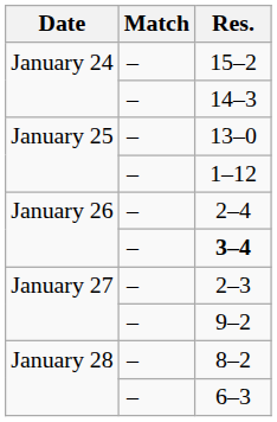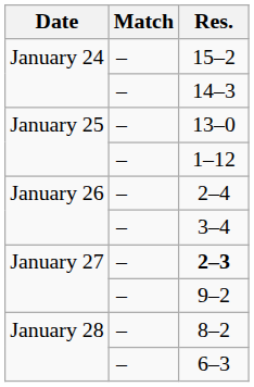 <table class="wikitable" style="text-align:center;">
 <tr>
 <th>Date</th>
 <th>Match</th>
 <th style="width:45px;">Res.</th>
 </tr>
 <tr>
 <td rowspan="2" style="vertical-align:top;">January 24</td>
 <td style="padding-left:5px; text-align:left;"><strong></strong> – </td>
 <td>15–2</td>
 </tr>
 <tr>
 <td style="padding-left:5px; text-align:left;"><strong></strong> – </td>
 <td>14–3</td>
 </tr>
 <tr>
 <td rowspan="2" style="vertical-align:top;">January 25</td>
 <td style="padding-left:5px; text-align:left;"><strong></strong> – </td>
 <td>13–0</td>
 </tr>
 <tr>
 <td style="padding-left:5px; text-align:left;"> – <strong></strong></td>
 <td>1–12</td>
 </tr>
 <tr>
 <td rowspan="2" style="vertical-align:top;">January 26</td>
 <td style="padding-left:5px; text-align:left;"> – <strong></strong></td>
 <td>2–4</td>
 </tr>
 <tr>
 <td style="padding-left:5px; text-align:left;"> – <strong></strong></td>
-<td><strong>3–4</strong></td>
+<td>3–4</td>
 </tr>
 <tr>
 <td rowspan="2" style="vertical-align:top;">January 27</td>
 <td style="padding-left:5px; text-align:left;"> – <strong></strong></td>
-<td>2–3</td>
+<td><strong>2–3</strong></td>
 </tr>
 <tr>
 <td style="padding-left:5px; text-align:left;"><strong></strong> – </td>
 <td>9–2</td>
 </tr>
 <tr>
 <td rowspan="2" style="vertical-align:top;">January 28</td>
 <td style="padding-left:5px; text-align:left;"><strong></strong> – </td>
 <td>8–2</td>
 </tr>
 <tr>
 <td style="padding-left:5px; text-align:left;"><strong></strong> – </td>
 <td>6–3</td>
 </tr>
 </table>
